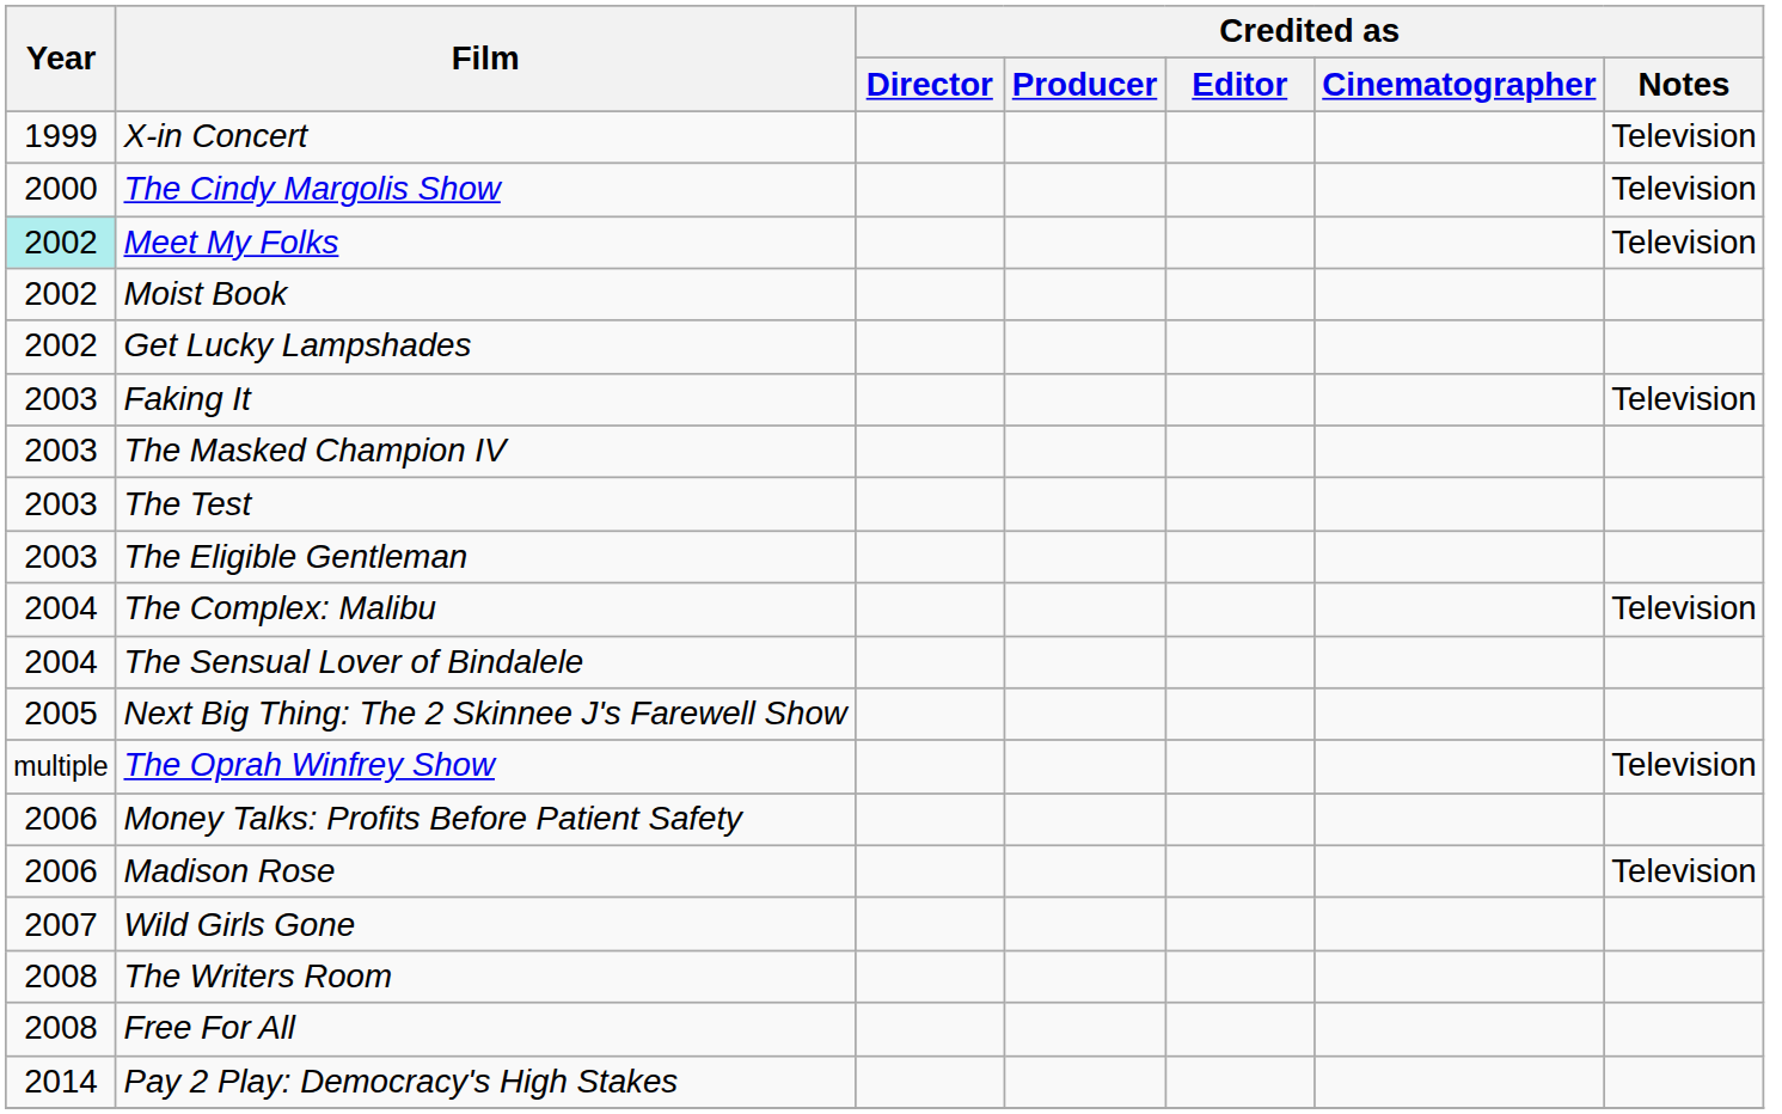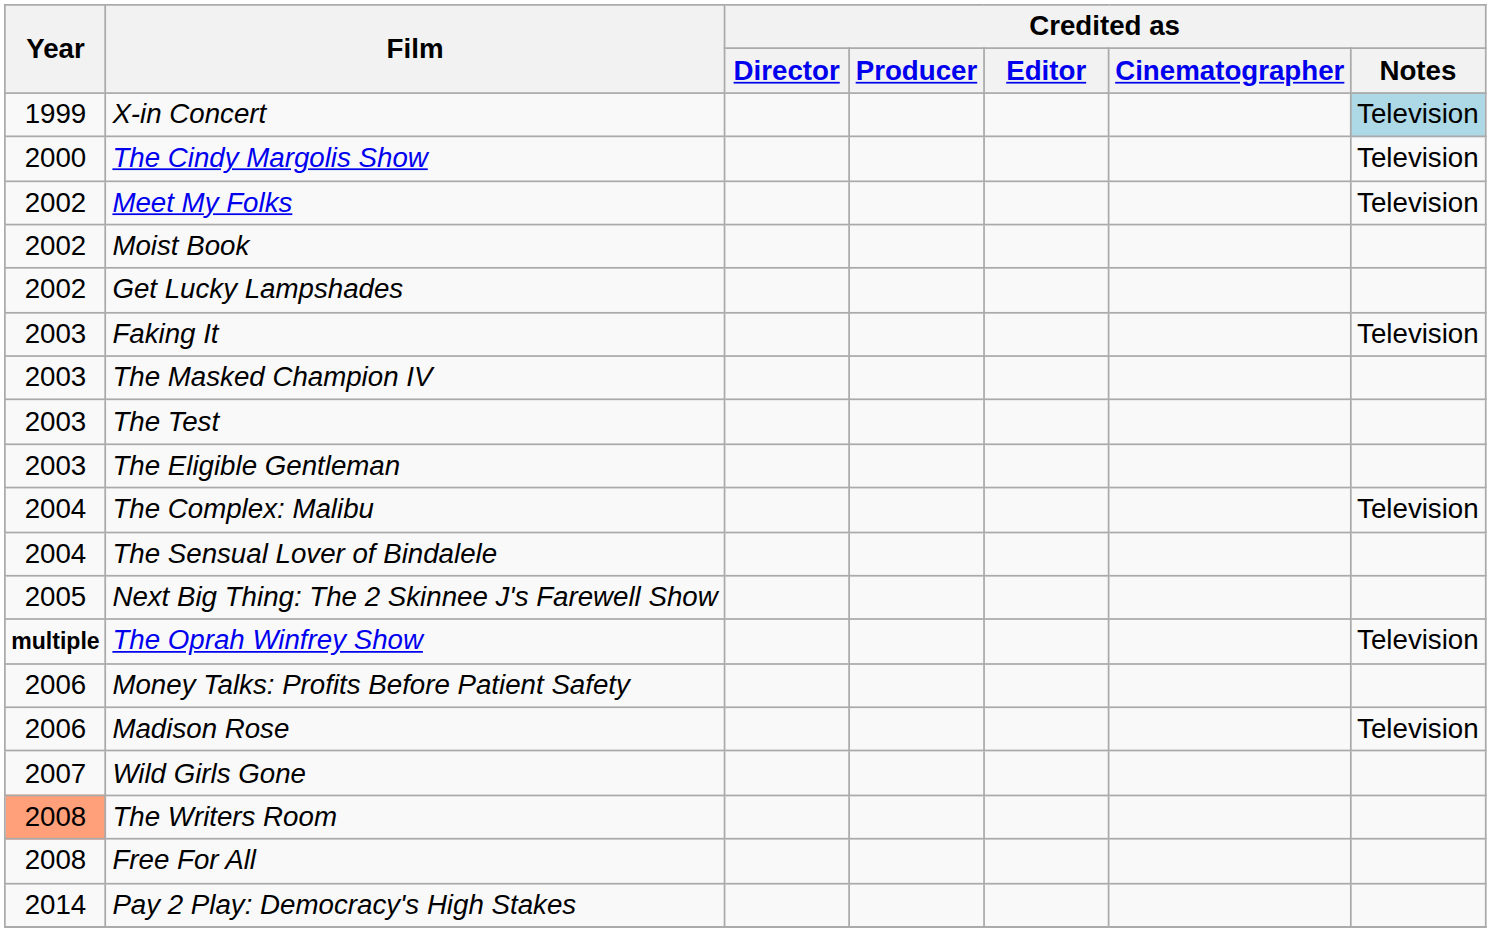 <table class="wikitable">
 <tr>
 <th rowspan="2" width="25">Year</th>
 <th rowspan="2">Film</th>
 <th colspan="5">Credited as</th>
 </tr>
 <tr>
 <th width=65><a href='#'>Director</a></th>
 <th width=65><a href='#'>Producer</a></th>
 <th width=65><a href='#'>Editor</a></th>
 <th width=65><a href='#'>Cinematographer</a></th>
 <th>Notes</th>
 </tr>
 <tr align="center">
 <td align="center">1999</td>
 <td align="left"><em>X-in Concert</em></td>
 <td></td>
 <td></td>
 <td></td>
 <td></td>
-<td align="left">Television</td>
+<td align="left" style="background: lightblue;">Television</td>
 </tr>
 <tr align="center">
 <td align="center">2000</td>
 <td align="left"><em><a href='#'>The Cindy Margolis Show</a></em></td>
 <td></td>
 <td></td>
 <td></td>
 <td></td>
 <td align="left">Television</td>
 </tr>
 <tr align="center">
-<td align="center" style="background: paleturquoise;">2002</td>
+<td align="center">2002</td>
 <td align="left"><em><a href='#'>Meet My Folks</a></em></td>
 <td></td>
 <td></td>
 <td></td>
 <td></td>
 <td align="left">Television</td>
 </tr>
 <tr align="center">
 <td align="center">2002</td>
 <td align="left"><em>Moist Book</em></td>
 <td></td>
 <td></td>
 <td></td>
 <td></td>
 <td align="left"></td>
 </tr>
 <tr align="center">
 <td align="center">2002</td>
 <td align="left"><em>Get Lucky Lampshades</em></td>
 <td></td>
 <td></td>
 <td></td>
 <td></td>
 <td align="left"></td>
 </tr>
 <tr align="center">
 <td align="center">2003</td>
 <td align="left"><em>Faking It</em></td>
 <td></td>
 <td></td>
 <td></td>
 <td></td>
 <td align="left">Television</td>
 </tr>
 <tr align="center">
 <td align="center">2003</td>
 <td align="left"><em>The Masked Champion IV</em></td>
 <td></td>
 <td></td>
 <td></td>
 <td></td>
 <td align="left"></td>
 </tr>
 <tr align="center">
 <td align="center">2003</td>
 <td align="left"><em>The Test</em></td>
 <td></td>
 <td></td>
 <td></td>
 <td></td>
 <td align="left"></td>
 </tr>
 <tr align="center">
 <td align="center">2003</td>
 <td align="left"><em>The Eligible Gentleman</em></td>
 <td></td>
 <td></td>
 <td></td>
 <td></td>
 <td align="left"></td>
 </tr>
 <tr align="center">
 <td align="center">2004</td>
 <td align="left"><em>The Complex: Malibu</em></td>
 <td></td>
 <td></td>
 <td></td>
 <td></td>
 <td align="left">Television</td>
 </tr>
 <tr align="center">
 <td align="center">2004</td>
 <td align="left"><em>The Sensual Lover of Bindalele</em></td>
 <td></td>
 <td></td>
 <td></td>
 <td></td>
 <td align="left"></td>
 </tr>
 <tr align="center">
 <td align="center">2005</td>
 <td align="left"><em>Next Big Thing: The 2 Skinnee J's Farewell Show</em></td>
 <td></td>
 <td></td>
 <td></td>
 <td></td>
 <td align="left"></td>
 </tr>
 <tr align="center">
-<td align="center"><small>multiple</small></td>
+<td align="center"><strong><small>multiple</small></strong></td>
 <td align="left"><em><a href='#'>The Oprah Winfrey Show</a></em></td>
 <td></td>
 <td></td>
 <td></td>
 <td></td>
 <td align="left">Television</td>
 </tr>
 <tr align="center">
 <td align="center">2006</td>
 <td align="left"><em>Money Talks: Profits Before Patient Safety</em></td>
 <td></td>
 <td></td>
 <td></td>
 <td></td>
 <td align="left"></td>
 </tr>
 <tr align="center">
 <td align="center">2006</td>
 <td align="left"><em>Madison Rose</em></td>
 <td></td>
 <td></td>
 <td></td>
 <td></td>
 <td align="left">Television</td>
 </tr>
 <tr align="center">
 <td align="center">2007</td>
 <td align="left"><em>Wild Girls Gone</em></td>
 <td></td>
 <td></td>
 <td></td>
 <td></td>
 <td align="left"></td>
 </tr>
 <tr align="center">
-<td align="center">2008</td>
+<td align="center" style="background: lightsalmon;">2008</td>
 <td align="left"><em>The Writers Room</em></td>
 <td></td>
 <td></td>
 <td></td>
 <td></td>
 <td align="left"></td>
 </tr>
 <tr align="center">
 <td align="center">2008</td>
 <td align="left"><em>Free For All</em></td>
 <td></td>
 <td></td>
 <td></td>
 <td></td>
 <td align="left"></td>
 </tr>
 <tr align="center">
 <td align="center">2014</td>
 <td align="left"><em>Pay 2 Play: Democracy's High Stakes</em></td>
 <td></td>
 <td></td>
 <td></td>
 <td></td>
 <td align="left"></td>
 </tr>
 <tr align="center"}>
 </tr>
 </table>
